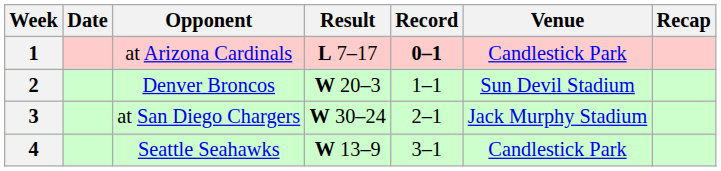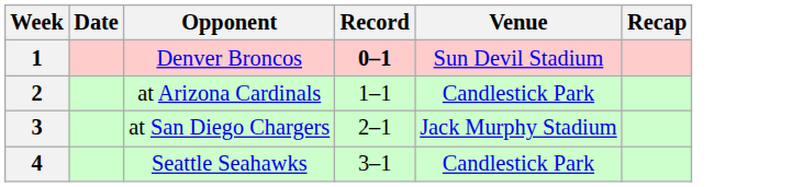 <table class="wikitable" style="text-align:center">
 <tr>
 <th>Week</th>
 <th>Date</th>
 <th>Opponent</th>
-<th>Result</th>
 <th>Record</th>
 <th>Venue</th>
 <th>Recap</th>
 </tr>
 <tr style="background:#fcc">
 <th>1</th>
 <td></td>
-<td>at <a href='#'>Arizona Cardinals</a></td>
-<td><strong>L</strong> 7–17</td>
+<td><a href='#'>Denver Broncos</a></td>
 <td><strong>0–1</strong></td>
-<td><a href='#'>Candlestick Park</a></td>
+<td><a href='#'>Sun Devil Stadium</a></td>
 <td></td>
 </tr>
 <tr style="background:#cfc">
 <th>2</th>
 <td></td>
-<td><a href='#'>Denver Broncos</a></td>
-<td><strong>W</strong> 20–3</td>
+<td>at <a href='#'>Arizona Cardinals</a></td>
 <td>1–1</td>
-<td><a href='#'>Sun Devil Stadium</a></td>
+<td><a href='#'>Candlestick Park</a></td>
 <td></td>
 </tr>
 <tr style="background:#cfc">
 <th>3</th>
 <td></td>
 <td>at <a href='#'>San Diego Chargers</a></td>
-<td><strong>W</strong> 30–24</td>
 <td>2–1</td>
 <td><a href='#'>Jack Murphy Stadium</a></td>
 <td></td>
 </tr>
 <tr style="background:#cfc">
 <th>4</th>
 <td></td>
 <td><a href='#'>Seattle Seahawks</a></td>
-<td><strong>W</strong> 13–9</td>
 <td>3–1</td>
 <td><a href='#'>Candlestick Park</a></td>
 <td></td>
 </tr>
 </table>
